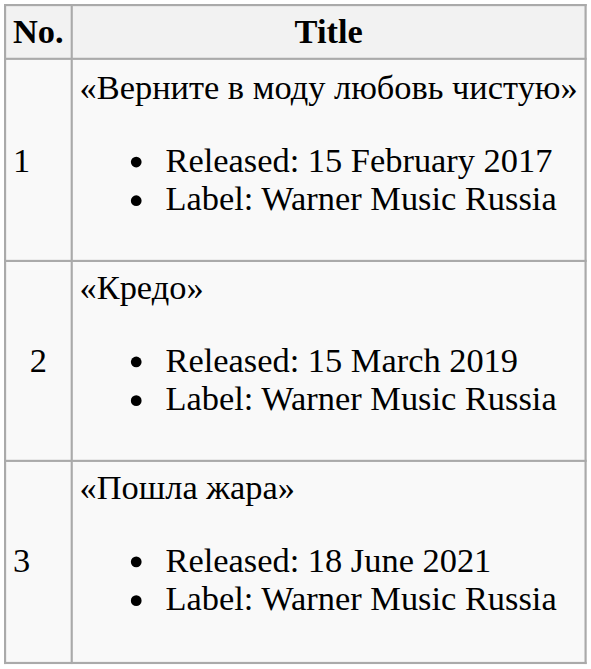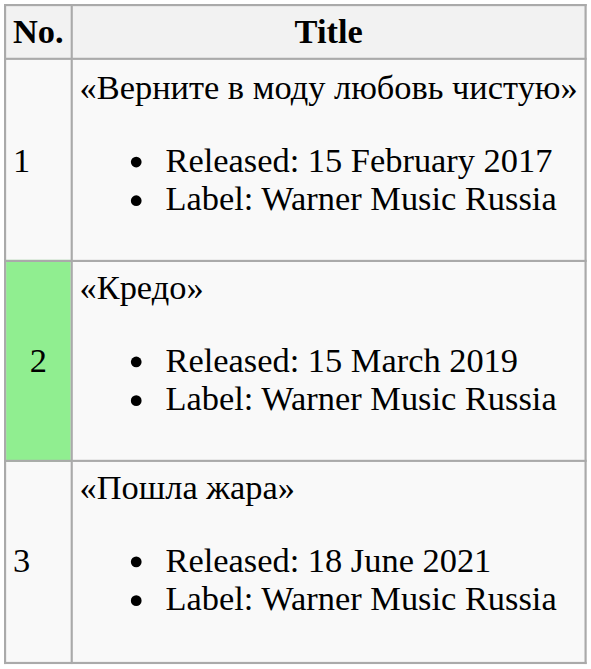 <table class="wikitable">
 <tr>
 <th>No.</th>
 <th>Title</th>
 </tr>
 <tr>
 <td>1</td>
 <td>«Верните в моду любовь чистую»<br><ul><li>Released: 15 February 2017</li><li>Label: Warner Music Russia</li></ul></td>
 </tr>
 <tr>
-<td align="center">2</td>
+<td align="center" style="background: lightgreen;">2</td>
 <td>«Кредо»<br><ul><li>Released: 15 March 2019</li><li>Label: Warner Music Russia</li></ul></td>
 </tr>
 <tr>
 <td>3</td>
 <td>«Пошла жара»<br><ul><li>Released: 18 June 2021</li><li>Label: Warner Music Russia</li></ul></td>
 </tr>
 </table>
